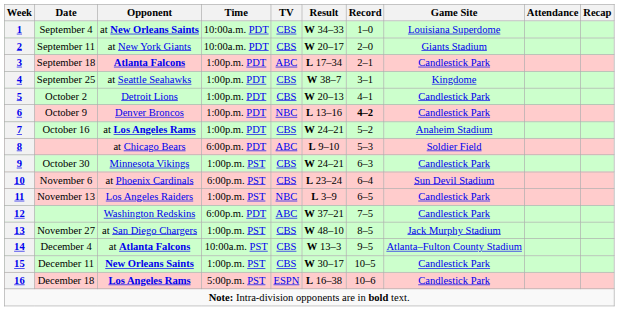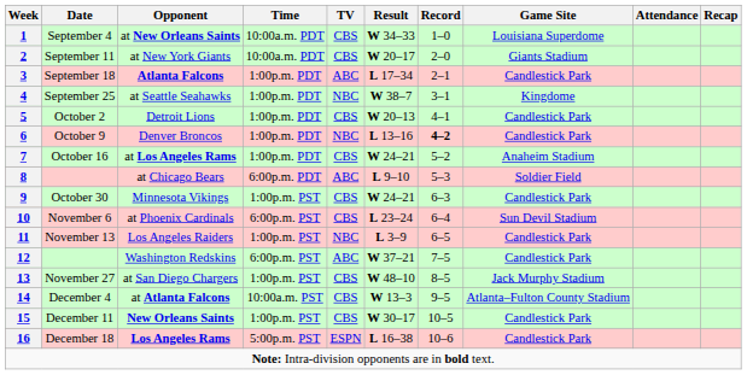 <table class="wikitable" style="text-align:center">
 <tr>
 <th>Week</th>
 <th>Date</th>
 <th>Opponent</th>
 <th>Time</th>
 <th>TV</th>
 <th>Result</th>
 <th>Record</th>
 <th>Game Site</th>
 <th>Attendance</th>
 <th>Recap</th>
 </tr>
 <tr style="background:#cfc">
 <th><a href='#'>1</a></th>
 <td>September 4</td>
 <td>at <strong><a href='#'>New Orleans Saints</a></strong></td>
 <td>10:00a.m. <a href='#'>PDT</a></td>
 <td><a href='#'>CBS</a></td>
 <td><strong>W</strong> 34–33</td>
 <td>1–0</td>
 <td><a href='#'>Louisiana Superdome</a></td>
 <td></td>
 <td></td>
 </tr>
 <tr style="background:#cfc">
 <th><a href='#'>2</a></th>
 <td>September 11</td>
 <td>at <a href='#'>New York Giants</a></td>
 <td>10:00a.m. <a href='#'>PDT</a></td>
 <td><a href='#'>CBS</a></td>
 <td><strong>W</strong> 20–17</td>
 <td>2–0</td>
 <td><a href='#'>Giants Stadium</a></td>
 <td></td>
 <td></td>
 </tr>
 <tr style="background:#fcc">
 <th><a href='#'>3</a></th>
 <td>September 18</td>
 <td><strong><a href='#'>Atlanta Falcons</a></strong></td>
 <td>1:00p.m. <a href='#'>PDT</a></td>
 <td><a href='#'>ABC</a></td>
 <td><strong>L</strong> 17–34</td>
 <td>2–1</td>
 <td><a href='#'>Candlestick Park</a></td>
 <td></td>
 <td></td>
 </tr>
 <tr style="background:#cfc">
 <th><a href='#'>4</a></th>
 <td>September 25</td>
 <td>at <a href='#'>Seattle Seahawks</a></td>
 <td>1:00p.m. <a href='#'>PDT</a></td>
-<td><a href='#'>CBS</a></td>
+<td><a href='#'>NBC</a></td>
 <td><strong>W</strong> 38–7</td>
 <td>3–1</td>
 <td><a href='#'>Kingdome</a></td>
 <td></td>
 <td></td>
 </tr>
 <tr style="background:#cfc">
 <th><a href='#'>5</a></th>
 <td>October 2</td>
 <td><a href='#'>Detroit Lions</a></td>
 <td>1:00p.m. <a href='#'>PDT</a></td>
 <td><a href='#'>CBS</a></td>
 <td><strong>W</strong> 20–13</td>
 <td>4–1</td>
 <td><a href='#'>Candlestick Park</a></td>
 <td></td>
 <td></td>
 </tr>
 <tr style="background:#fcc">
 <th><a href='#'>6</a></th>
 <td>October 9</td>
 <td><a href='#'>Denver Broncos</a></td>
 <td>1:00p.m. <a href='#'>PDT</a></td>
 <td><a href='#'>NBC</a></td>
 <td><strong>L</strong> 13–16 </td>
 <td><strong>4–2</strong></td>
 <td><a href='#'>Candlestick Park</a></td>
 <td></td>
 <td></td>
 </tr>
 <tr style="background:#cfc">
 <th><a href='#'>7</a></th>
 <td>October 16</td>
 <td>at <strong><a href='#'>Los Angeles Rams</a></strong></td>
 <td>1:00p.m. <a href='#'>PDT</a></td>
 <td><a href='#'>CBS</a></td>
 <td><strong>W</strong> 24–21</td>
 <td>5–2</td>
 <td><a href='#'>Anaheim Stadium</a></td>
 <td></td>
 <td></td>
 </tr>
 <tr style="background:#fcc">
 <th><a href='#'>8</a></th>
 <td></td>
 <td>at <a href='#'>Chicago Bears</a></td>
 <td>6:00p.m. <a href='#'>PDT</a></td>
 <td><a href='#'>ABC</a></td>
 <td><strong>L</strong> 9–10</td>
 <td>5–3</td>
 <td><a href='#'>Soldier Field</a></td>
 <td></td>
 <td></td>
 </tr>
 <tr style="background:#cfc">
 <th><a href='#'>9</a></th>
 <td>October 30</td>
 <td><a href='#'>Minnesota Vikings</a></td>
 <td>1:00p.m. <a href='#'>PST</a></td>
 <td><a href='#'>CBS</a></td>
 <td><strong>W</strong> 24–21</td>
 <td>6–3</td>
 <td><a href='#'>Candlestick Park</a></td>
 <td></td>
 <td></td>
 </tr>
 <tr style="background:#fcc">
 <th><a href='#'>10</a></th>
 <td>November 6</td>
 <td>at <a href='#'>Phoenix Cardinals</a></td>
 <td>6:00p.m. <a href='#'>PST</a></td>
 <td><a href='#'>CBS</a></td>
 <td><strong>L</strong> 23–24</td>
 <td>6–4</td>
 <td><a href='#'>Sun Devil Stadium</a></td>
 <td></td>
 <td></td>
 </tr>
 <tr style="background:#fcc">
 <th><a href='#'>11</a></th>
 <td>November 13</td>
 <td><a href='#'>Los Angeles Raiders</a></td>
 <td>1:00p.m. <a href='#'>PST</a></td>
 <td><a href='#'>NBC</a></td>
 <td><strong>L</strong> 3–9</td>
 <td>6–5</td>
 <td><a href='#'>Candlestick Park</a></td>
 <td></td>
 <td></td>
 </tr>
 <tr style="background:#cfc">
 <th><a href='#'>12</a></th>
 <td></td>
 <td><a href='#'>Washington Redskins</a></td>
-<td>6:00p.m. <a href='#'>PDT</a></td>
+<td>6:00p.m. <a href='#'>PST</a></td>
 <td><a href='#'>ABC</a></td>
 <td><strong>W</strong> 37–21</td>
 <td>7–5</td>
 <td><a href='#'>Candlestick Park</a></td>
 <td></td>
 <td></td>
 </tr>
 <tr style="background:#cfc">
 <th><a href='#'>13</a></th>
 <td>November 27</td>
 <td>at <a href='#'>San Diego Chargers</a></td>
 <td>1:00p.m. <a href='#'>PST</a></td>
 <td><a href='#'>CBS</a></td>
 <td><strong>W</strong> 48–10</td>
 <td>8–5</td>
 <td><a href='#'>Jack Murphy Stadium</a></td>
 <td></td>
 <td></td>
 </tr>
 <tr style="background:#cfc">
 <th><a href='#'>14</a></th>
 <td>December 4</td>
 <td>at <strong><a href='#'>Atlanta Falcons</a></strong></td>
 <td>10:00a.m. <a href='#'>PST</a></td>
 <td><a href='#'>CBS</a></td>
 <td><strong>W</strong> 13–3</td>
 <td>9–5</td>
 <td><a href='#'>Atlanta–Fulton County Stadium</a></td>
 <td></td>
 <td></td>
 </tr>
 <tr style="background:#cfc">
 <th><a href='#'>15</a></th>
 <td>December 11</td>
 <td><strong><a href='#'>New Orleans Saints</a></strong></td>
 <td>1:00p.m. <a href='#'>PST</a></td>
 <td><a href='#'>CBS</a></td>
 <td><strong>W</strong> 30–17</td>
 <td>10–5</td>
 <td><a href='#'>Candlestick Park</a></td>
 <td></td>
 <td></td>
 </tr>
 <tr style="background:#fcc">
 <th><a href='#'>16</a></th>
 <td>December 18</td>
 <td><strong><a href='#'>Los Angeles Rams</a></strong></td>
 <td>5:00p.m. <a href='#'>PST</a></td>
 <td><a href='#'>ESPN</a></td>
 <td><strong>L</strong> 16–38</td>
 <td>10–6</td>
 <td><a href='#'>Candlestick Park</a></td>
 <td></td>
 <td></td>
 </tr>
 <tr>
 <td colspan="10"><strong>Note:</strong> Intra-division opponents are in <strong>bold</strong> text.</td>
 </tr>
 </table>
